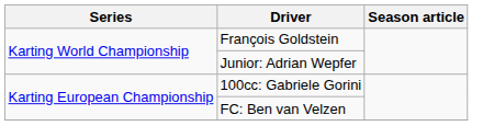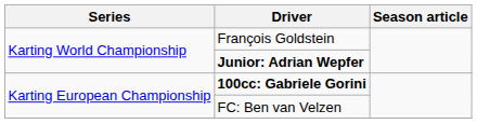 <table class="wikitable" style="font-size: 87%;">
 <tr>
 <th>Series</th>
 <th>Driver</th>
 <th>Season article</th>
 </tr>
 <tr>
 <td rowspan=2><a href='#'>Karting World Championship</a></td>
 <td> François Goldstein</td>
 <td rowspan=2></td>
 </tr>
 <tr>
-<td>Junior:  Adrian Wepfer</td>
+<td><strong>Junior:  Adrian Wepfer</strong></td>
 </tr>
 <tr>
 <td rowspan=2><a href='#'>Karting European Championship</a></td>
-<td>100cc:  Gabriele Gorini</td>
+<td><strong>100cc:  Gabriele Gorini</strong></td>
 <td rowspan=2></td>
 </tr>
 <tr>
 <td>FC:  Ben van Velzen</td>
 </tr>
 <tr>
 </tr>
 </table>
